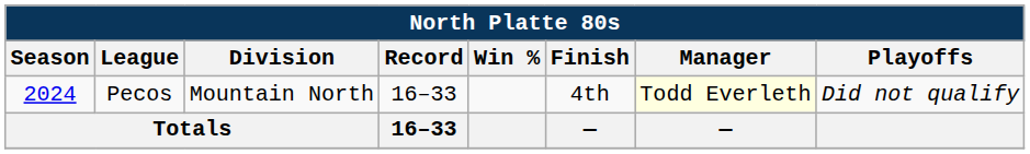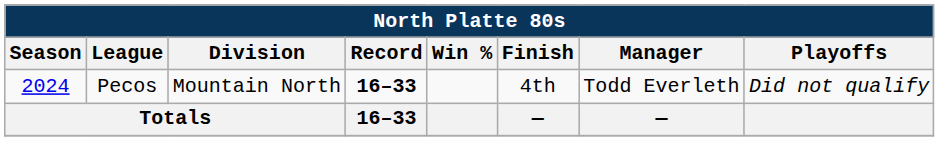 <table class="wikitable">
 <tr>
 <th colspan="8" style="background:#09355A;color: white">North Platte 80s</th>
 </tr>
 <tr>
 <th>Season</th>
 <th>League</th>
 <th>Division</th>
 <th>Record</th>
 <th>Win %</th>
 <th>Finish</th>
 <th>Manager</th>
 <th>Playoffs</th>
 </tr>
 <tr align="center">
 <td><a href='#'>2024</a></td>
 <td>Pecos</td>
 <td>Mountain North</td>
-<td>16–33</td>
+<td><strong>16–33</strong></td>
 <td></td>
 <td>4th</td>
-<td style="background: lightyellow;">Todd Everleth</td>
+<td>Todd Everleth</td>
 <td><em>Did not qualify</em></td>
 </tr>
 <tr align="center">
 <th colspan="3">Totals</th>
 <th>16–33</th>
 <th></th>
 <th>—</th>
 <th>—</th>
 <th></th>
 </tr>
 <tr>
 </tr>
 </table>
